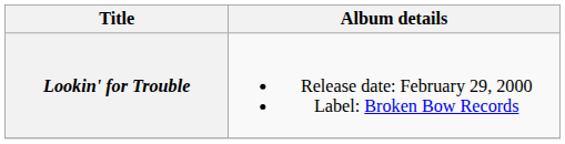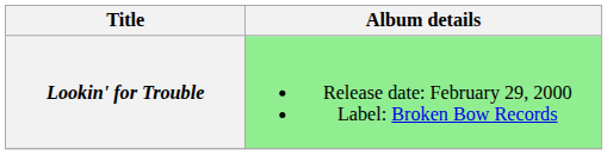 <table class="wikitable plainrowheaders" style="text-align:center;">
 <tr>
 <th style="width:12em;">Title</th>
 <th style="width:18em;">Album details</th>
 </tr>
 <tr>
 <th scope="row"><em>Lookin' for Trouble</em></th>
-<td><br><ul><li>Release date: February 29, 2000</li><li>Label: <a href='#'>Broken Bow Records</a></li></ul></td>
+<td style="background: lightgreen;"><br><ul><li>Release date: February 29, 2000</li><li>Label: <a href='#'>Broken Bow Records</a></li></ul></td>
 </tr>
 <tr>
 </tr>
 </table>
